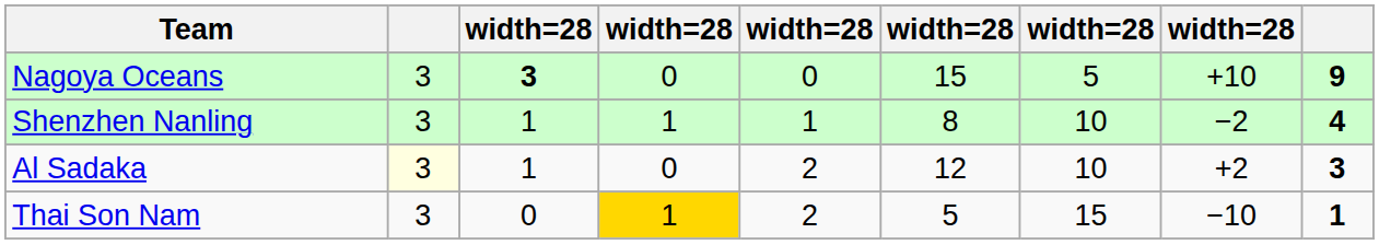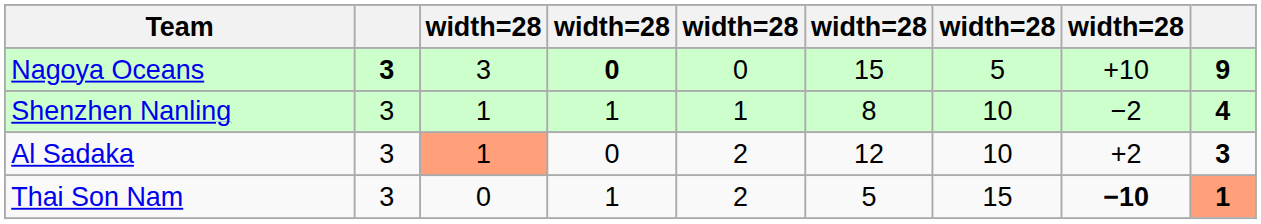 <table class="wikitable" style="text-align: center; font-size: 90%;">
 <tr>
 <th width="180">Team</th>
 <th width=28></th>
 <th>width=28</th>
 <th>width=28</th>
 <th>width=28</th>
 <th>width=28</th>
 <th>width=28</th>
 <th>width=28</th>
 <th width=28></th>
 </tr>
 <tr align=center bgcolor="ccffcc">
 <td style="text-align:left;"> <a href='#'>Nagoya Oceans</a></td>
+<td><strong>3</strong></td>
 <td>3</td>
-<td><strong>3</strong></td>
-<td>0</td>
+<td><strong>0</strong></td>
 <td>0</td>
 <td>15</td>
 <td>5</td>
 <td>+10</td>
 <td><strong>9</strong></td>
 </tr>
 <tr align=center bgcolor="ccffcc">
 <td style="text-align:left;"> <a href='#'>Shenzhen Nanling</a></td>
 <td>3</td>
 <td>1</td>
 <td>1</td>
 <td>1</td>
 <td>8</td>
 <td>10</td>
 <td>−2</td>
 <td><strong>4</strong></td>
 </tr>
 <tr>
 <td style="text-align:left;"> <a href='#'>Al Sadaka</a></td>
-<td style="background: lightyellow;">3</td>
-<td>1</td>
+<td>3</td>
+<td style="background: lightsalmon;">1</td>
 <td>0</td>
 <td>2</td>
 <td>12</td>
 <td>10</td>
 <td>+2</td>
 <td><strong>3</strong></td>
 </tr>
 <tr>
 <td style="text-align:left;"> <a href='#'>Thai Son Nam</a></td>
 <td>3</td>
 <td>0</td>
-<td style="background: gold;">1</td>
+<td>1</td>
 <td>2</td>
 <td>5</td>
 <td>15</td>
-<td>−10</td>
-<td><strong>1</strong></td>
+<td><strong>−10</strong></td>
+<td style="background: lightsalmon;"><strong>1</strong></td>
 </tr>
 </table>
